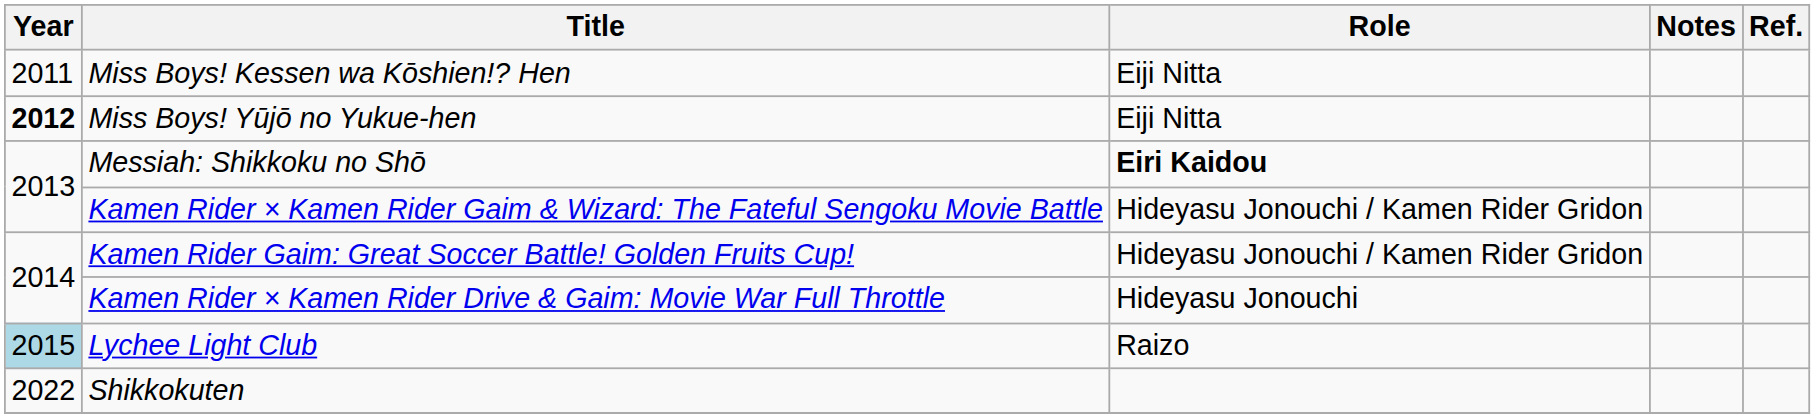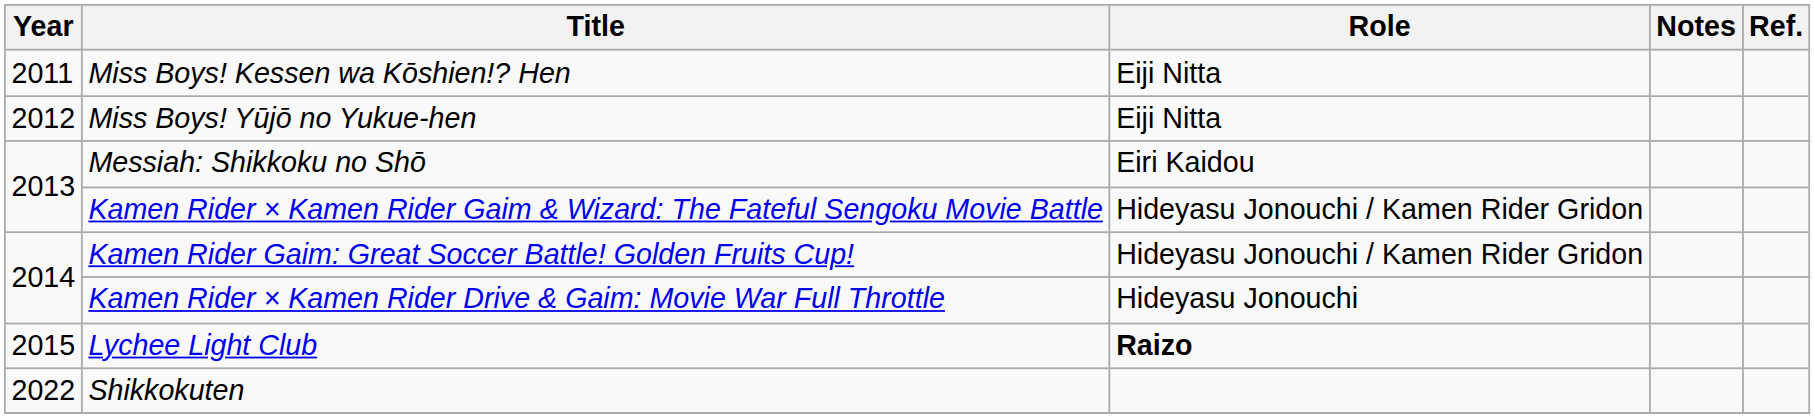 <table class="wikitable">
 <tr>
 <th>Year</th>
 <th>Title</th>
 <th>Role</th>
 <th>Notes</th>
 <th>Ref.</th>
 </tr>
 <tr>
 <td>2011</td>
 <td><em>Miss Boys! Kessen wa Kōshien!? Hen</em></td>
 <td>Eiji Nitta</td>
 <td></td>
 <td></td>
 </tr>
 <tr>
-<td><strong>2012</strong></td>
+<td>2012</td>
 <td><em>Miss Boys! Yūjō no Yukue-hen</em></td>
 <td>Eiji Nitta</td>
 <td></td>
 <td></td>
 </tr>
 <tr>
 <td rowspan="2">2013</td>
 <td><em>Messiah: Shikkoku no Shō</em></td>
-<td><strong>Eiri Kaidou</strong></td>
+<td>Eiri Kaidou</td>
 <td></td>
 <td></td>
 </tr>
 <tr>
 <td><em><a href='#'>Kamen Rider × Kamen Rider Gaim & Wizard: The Fateful Sengoku Movie Battle</a></em></td>
 <td>Hideyasu Jonouchi / Kamen Rider Gridon</td>
 <td></td>
 <td></td>
 </tr>
 <tr>
 <td rowspan="2">2014</td>
 <td><em><a href='#'>Kamen Rider Gaim: Great Soccer Battle! Golden Fruits Cup!</a></em></td>
 <td>Hideyasu Jonouchi / Kamen Rider Gridon</td>
 <td></td>
 <td></td>
 </tr>
 <tr>
 <td><em><a href='#'>Kamen Rider × Kamen Rider Drive & Gaim: Movie War Full Throttle</a></em></td>
 <td>Hideyasu Jonouchi</td>
 <td></td>
 <td></td>
 </tr>
 <tr>
-<td style="background: lightblue;">2015</td>
+<td>2015</td>
 <td><em><a href='#'>Lychee Light Club</a></em></td>
-<td>Raizo</td>
+<td><strong>Raizo</strong></td>
 <td></td>
 <td></td>
 </tr>
 <tr>
 <td>2022</td>
 <td><em>Shikkokuten</em></td>
 <td></td>
 <td></td>
 <td></td>
 </tr>
 <tr>
 </tr>
 </table>
